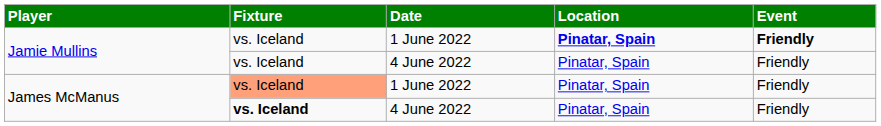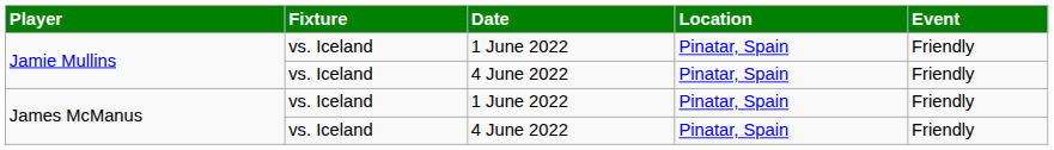 <table class="wikitable" style="width:75%;">
 <tr>
 <th style="background:green; color:white; text-align:left;">Player</th>
 <th style="background:green; color:white; text-align:left;">Fixture</th>
 <th style="background:green; color:white; text-align:left;">Date</th>
 <th style="background:green; color:white; text-align:left;">Location</th>
 <th style="background:green; color:white; text-align:left;">Event</th>
 </tr>
 <tr>
 <td rowspan="2"><a href='#'>Jamie Mullins</a></td>
 <td>vs.  Iceland</td>
 <td>1 June 2022</td>
-<td><strong><a href='#'>Pinatar, Spain</a></strong></td>
-<td><strong>Friendly</strong></td>
+<td><a href='#'>Pinatar, Spain</a></td>
+<td>Friendly</td>
 </tr>
 <tr>
 <td>vs.  Iceland</td>
 <td>4 June 2022</td>
 <td><a href='#'>Pinatar, Spain</a></td>
 <td>Friendly</td>
 </tr>
 <tr>
 <td rowspan="2">James McManus</td>
-<td style="background: lightsalmon;">vs.  Iceland</td>
+<td>vs.  Iceland</td>
 <td>1 June 2022</td>
 <td><a href='#'>Pinatar, Spain</a></td>
 <td>Friendly</td>
 </tr>
 <tr>
-<td><strong>vs.  Iceland</strong></td>
+<td>vs.  Iceland</td>
 <td>4 June 2022</td>
 <td><a href='#'>Pinatar, Spain</a></td>
 <td>Friendly</td>
 </tr>
 </table>
